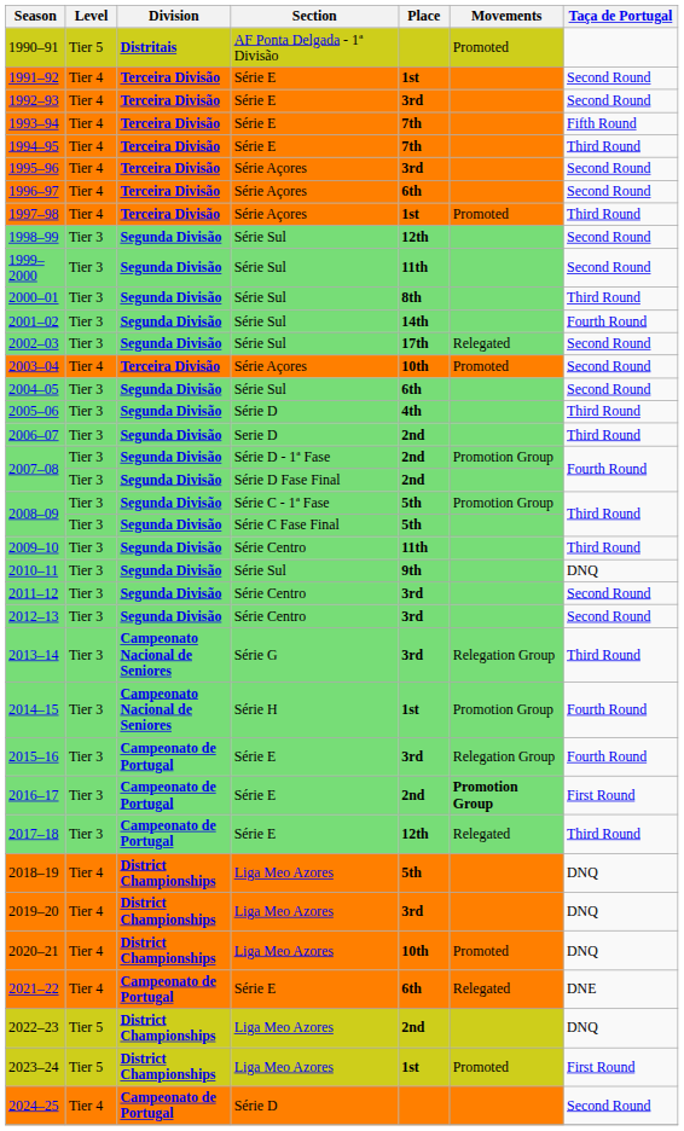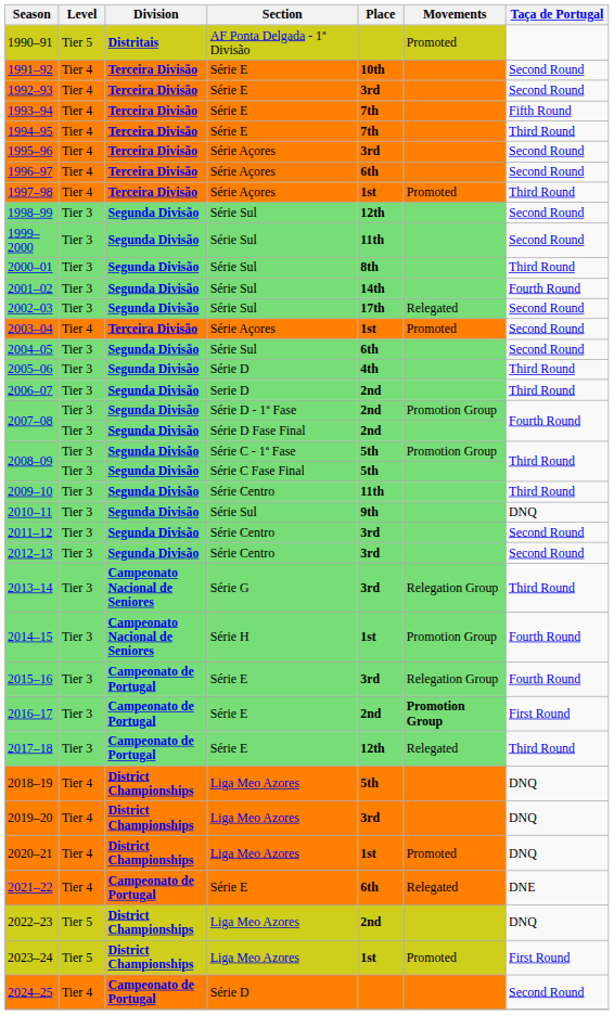 <table class="wikitable" style="text-align: left;">
 <tr>
 <th style="width: 60px;"><strong>Season</strong></th>
 <th style="width: 50px;"><strong>Level</strong></th>
 <th style="width: 120px;"><strong>Division</strong></th>
 <th style="width: 180px;"><strong>Section</strong></th>
 <th style="width: 50px;"><strong>Place</strong></th>
 <th style="width: 120px;"><strong>Movements</strong></th>
 <th style="width: 120px;"><strong><a href='#'>Taça de Portugal</a></strong></th>
 </tr>
 <tr>
 <td style="background:#CECE1B;">1990–91</td>
 <td style="background:#CECE1B;">Tier 5</td>
 <td style="background:#CECE1B;"><strong><a href='#'>Distritais</a></strong></td>
 <td style="background:#CECE1B;"><a href='#'>AF Ponta Delgada</a> - 1ª Divisão</td>
 <td style="background:#CECE1B;"></td>
 <td style="background:#CECE1B;">Promoted</td>
 <td></td>
 </tr>
 <tr>
 <td style="background:#FF7F00;"><a href='#'>1991–92</a></td>
 <td style="background:#FF7F00;">Tier 4</td>
 <td style="background:#FF7F00;"><strong><a href='#'>Terceira Divisão</a></strong></td>
 <td style="background:#FF7F00;">Série E</td>
-<td style="background:#FF7F00;"><strong>1st</strong></td>
+<td style="background:#FF7F00;"><strong>10th</strong></td>
 <td style="background:#FF7F00;"></td>
 <td><a href='#'>Second Round</a></td>
 </tr>
 <tr>
 <td style="background:#FF7F00;"><a href='#'>1992–93</a></td>
 <td style="background:#FF7F00;">Tier 4</td>
 <td style="background:#FF7F00;"><strong><a href='#'>Terceira Divisão</a></strong></td>
 <td style="background:#FF7F00;">Série E</td>
 <td style="background:#FF7F00;"><strong>3rd</strong></td>
 <td style="background:#FF7F00;"></td>
 <td><a href='#'>Second Round</a></td>
 </tr>
 <tr>
 <td style="background:#FF7F00;"><a href='#'>1993–94</a></td>
 <td style="background:#FF7F00;">Tier 4</td>
 <td style="background:#FF7F00;"><strong><a href='#'>Terceira Divisão</a></strong></td>
 <td style="background:#FF7F00;">Série E</td>
 <td style="background:#FF7F00;"><strong>7th</strong></td>
 <td style="background:#FF7F00;"></td>
 <td><a href='#'>Fifth Round</a></td>
 </tr>
 <tr>
 <td style="background:#FF7F00;"><a href='#'>1994–95</a></td>
 <td style="background:#FF7F00;">Tier 4</td>
 <td style="background:#FF7F00;"><strong><a href='#'>Terceira Divisão</a></strong></td>
 <td style="background:#FF7F00;">Série E</td>
 <td style="background:#FF7F00;"><strong>7th</strong></td>
 <td style="background:#FF7F00;"></td>
 <td><a href='#'>Third Round</a></td>
 </tr>
 <tr>
 <td style="background:#FF7F00;"><a href='#'>1995–96</a></td>
 <td style="background:#FF7F00;">Tier 4</td>
 <td style="background:#FF7F00;"><strong><a href='#'>Terceira Divisão</a></strong></td>
 <td style="background:#FF7F00;">Série Açores</td>
 <td style="background:#FF7F00;"><strong>3rd</strong></td>
 <td style="background:#FF7F00;"></td>
 <td><a href='#'>Second Round</a></td>
 </tr>
 <tr>
 <td style="background:#FF7F00;"><a href='#'>1996–97</a></td>
 <td style="background:#FF7F00;">Tier 4</td>
 <td style="background:#FF7F00;"><strong><a href='#'>Terceira Divisão</a></strong></td>
 <td style="background:#FF7F00;">Série Açores</td>
 <td style="background:#FF7F00;"><strong>6th</strong></td>
 <td style="background:#FF7F00;"></td>
 <td><a href='#'>Second Round</a></td>
 </tr>
 <tr>
 <td style="background:#FF7F00;"><a href='#'>1997–98</a></td>
 <td style="background:#FF7F00;">Tier 4</td>
 <td style="background:#FF7F00;"><strong><a href='#'>Terceira Divisão</a></strong></td>
 <td style="background:#FF7F00;">Série Açores</td>
 <td style="background:#FF7F00;"><strong>1st</strong></td>
 <td style="background:#FF7F00;">Promoted</td>
 <td><a href='#'>Third Round</a></td>
 </tr>
 <tr>
 <td style="background:#77DD77;"><a href='#'>1998–99</a></td>
 <td style="background:#77DD77;">Tier 3</td>
 <td style="background:#77DD77;"><strong><a href='#'>Segunda Divisão</a></strong></td>
 <td style="background:#77DD77;">Série Sul</td>
 <td style="background:#77DD77;"><strong>12th</strong></td>
 <td style="background:#77DD77;"></td>
 <td><a href='#'>Second Round</a></td>
 </tr>
 <tr>
 <td style="background:#77DD77;"><a href='#'>1999–2000</a></td>
 <td style="background:#77DD77;">Tier 3</td>
 <td style="background:#77DD77;"><strong><a href='#'>Segunda Divisão</a></strong></td>
 <td style="background:#77DD77;">Série Sul</td>
 <td style="background:#77DD77;"><strong>11th</strong></td>
 <td style="background:#77DD77;"></td>
 <td><a href='#'>Second Round</a></td>
 </tr>
 <tr>
 <td style="background:#77DD77;"><a href='#'>2000–01</a></td>
 <td style="background:#77DD77;">Tier 3</td>
 <td style="background:#77DD77;"><strong><a href='#'>Segunda Divisão</a></strong></td>
 <td style="background:#77DD77;">Série Sul</td>
 <td style="background:#77DD77;"><strong>8th</strong></td>
 <td style="background:#77DD77;"></td>
 <td><a href='#'>Third Round</a></td>
 </tr>
 <tr>
 <td style="background:#77DD77;"><a href='#'>2001–02</a></td>
 <td style="background:#77DD77;">Tier 3</td>
 <td style="background:#77DD77;"><strong><a href='#'>Segunda Divisão</a></strong></td>
 <td style="background:#77DD77;">Série Sul</td>
 <td style="background:#77DD77;"><strong>14th</strong></td>
 <td style="background:#77DD77;"></td>
 <td><a href='#'>Fourth Round</a></td>
 </tr>
 <tr>
 <td style="background:#77DD77;"><a href='#'>2002–03</a></td>
 <td style="background:#77DD77;">Tier 3</td>
 <td style="background:#77DD77;"><strong><a href='#'>Segunda Divisão</a></strong></td>
 <td style="background:#77DD77;">Série Sul</td>
 <td style="background:#77DD77;"><strong>17th</strong></td>
 <td style="background:#77DD77;">Relegated</td>
 <td><a href='#'>Second Round</a></td>
 </tr>
 <tr>
 <td style="background:#FF7F00;"><a href='#'>2003–04</a></td>
 <td style="background:#FF7F00;">Tier 4</td>
 <td style="background:#FF7F00;"><strong><a href='#'>Terceira Divisão</a></strong></td>
 <td style="background:#FF7F00;">Série Açores</td>
-<td style="background:#FF7F00;"><strong>10th</strong></td>
+<td style="background:#FF7F00;"><strong>1st</strong></td>
 <td style="background:#FF7F00;">Promoted</td>
 <td><a href='#'>Second Round</a></td>
 </tr>
 <tr>
 <td style="background:#77DD77;"><a href='#'>2004–05</a></td>
 <td style="background:#77DD77;">Tier 3</td>
 <td style="background:#77DD77;"><strong><a href='#'>Segunda Divisão</a></strong></td>
 <td style="background:#77DD77;">Série Sul</td>
 <td style="background:#77DD77;"><strong>6th</strong></td>
 <td style="background:#77DD77;"></td>
 <td><a href='#'>Second Round</a></td>
 </tr>
 <tr>
 <td style="background:#77DD77;"><a href='#'>2005–06</a></td>
 <td style="background:#77DD77;">Tier 3</td>
 <td style="background:#77DD77;"><strong><a href='#'>Segunda Divisão</a></strong></td>
 <td style="background:#77DD77;">Série D</td>
 <td style="background:#77DD77;"><strong>4th</strong></td>
 <td style="background:#77DD77;"></td>
 <td><a href='#'>Third Round</a></td>
 </tr>
 <tr>
 <td style="background:#77DD77;"><a href='#'>2006–07</a></td>
 <td style="background:#77DD77;">Tier 3</td>
 <td style="background:#77DD77;"><strong><a href='#'>Segunda Divisão</a></strong></td>
 <td style="background:#77DD77;">Serie D</td>
 <td style="background:#77DD77;"><strong>2nd</strong></td>
 <td style="background:#77DD77;"></td>
 <td><a href='#'>Third Round</a></td>
 </tr>
 <tr>
 <td rowspan="2" style="background:#77DD77;"><a href='#'>2007–08</a></td>
 <td style="background:#77DD77;">Tier 3</td>
 <td style="background:#77DD77;"><strong><a href='#'>Segunda Divisão</a></strong></td>
 <td style="background:#77DD77;">Série D - 1ª Fase</td>
 <td style="background:#77DD77;"><strong>2nd</strong></td>
 <td style="background:#77DD77;">Promotion Group</td>
 <td rowspan="2"><a href='#'>Fourth Round</a></td>
 </tr>
 <tr>
 <td style="background:#77DD77;">Tier 3</td>
 <td style="background:#77DD77;"><strong><a href='#'>Segunda Divisão</a></strong></td>
 <td style="background:#77DD77;">Série D Fase Final</td>
 <td style="background:#77DD77;"><strong>2nd</strong></td>
 <td style="background:#77DD77;"></td>
 </tr>
 <tr>
 <td rowspan="2" style="background:#77DD77;"><a href='#'>2008–09</a></td>
 <td style="background:#77DD77;">Tier 3</td>
 <td style="background:#77DD77;"><strong><a href='#'>Segunda Divisão</a></strong></td>
 <td style="background:#77DD77;">Série C - 1ª Fase</td>
 <td style="background:#77DD77;"><strong>5th</strong></td>
 <td style="background:#77DD77;">Promotion Group</td>
 <td rowspan="2"><a href='#'>Third Round</a></td>
 </tr>
 <tr>
 <td style="background:#77DD77;">Tier 3</td>
 <td style="background:#77DD77;"><strong><a href='#'>Segunda Divisão</a></strong></td>
 <td style="background:#77DD77;">Série C Fase Final</td>
 <td style="background:#77DD77;"><strong>5th</strong></td>
 <td style="background:#77DD77;"></td>
 </tr>
 <tr>
 <td style="background:#77DD77;"><a href='#'>2009–10</a></td>
 <td style="background:#77DD77;">Tier 3</td>
 <td style="background:#77DD77;"><strong><a href='#'>Segunda Divisão</a></strong></td>
 <td style="background:#77DD77;">Série Centro</td>
 <td style="background:#77DD77;"><strong>11th</strong></td>
 <td style="background:#77DD77;"></td>
 <td><a href='#'>Third Round</a></td>
 </tr>
 <tr>
 <td style="background:#77DD77;"><a href='#'>2010–11</a></td>
 <td style="background:#77DD77;">Tier 3</td>
 <td style="background:#77DD77;"><strong><a href='#'>Segunda Divisão</a></strong></td>
 <td style="background:#77DD77;">Série Sul</td>
 <td style="background:#77DD77;"><strong>9th</strong></td>
 <td style="background:#77DD77;"></td>
 <td>DNQ</td>
 </tr>
 <tr>
 <td style="background:#77DD77;"><a href='#'>2011–12</a></td>
 <td style="background:#77DD77;">Tier 3</td>
 <td style="background:#77DD77;"><strong><a href='#'>Segunda Divisão</a></strong></td>
 <td style="background:#77DD77;">Série Centro</td>
 <td style="background:#77DD77;"><strong>3rd</strong></td>
 <td style="background:#77DD77;"></td>
 <td><a href='#'>Second Round</a></td>
 </tr>
 <tr>
 <td style="background:#77DD77;"><a href='#'>2012–13</a></td>
 <td style="background:#77DD77;">Tier 3</td>
 <td style="background:#77DD77;"><strong><a href='#'>Segunda Divisão</a></strong></td>
 <td style="background:#77DD77;">Série Centro</td>
 <td style="background:#77DD77;"><strong>3rd</strong></td>
 <td style="background:#77DD77;"></td>
 <td><a href='#'>Second Round</a></td>
 </tr>
 <tr>
 <td style="background:#77DD77;"><a href='#'>2013–14</a></td>
 <td style="background:#77DD77;">Tier 3</td>
 <td style="background:#77DD77;"><strong><a href='#'> Campeonato Nacional de Seniores</a></strong></td>
 <td style="background:#77DD77;">Série G</td>
 <td style="background:#77DD77;"><strong>3rd</strong></td>
 <td style="background:#77DD77;">Relegation Group</td>
 <td><a href='#'>Third Round</a></td>
 </tr>
 <tr>
 <td style="background:#77DD77;"><a href='#'>2014–15</a></td>
 <td style="background:#77DD77;">Tier 3</td>
 <td style="background:#77DD77;"><strong><a href='#'> Campeonato Nacional de Seniores</a></strong></td>
 <td style="background:#77DD77;">Série H</td>
 <td style="background:#77DD77;"><strong>1st</strong></td>
 <td style="background:#77DD77;">Promotion Group</td>
 <td><a href='#'>Fourth Round</a></td>
 </tr>
 <tr>
 <td style="background:#77DD77;"><a href='#'>2015–16</a></td>
 <td style="background:#77DD77;">Tier 3</td>
 <td style="background:#77DD77;"><strong><a href='#'> Campeonato de Portugal</a></strong></td>
 <td style="background:#77DD77;">Série E</td>
 <td style="background:#77DD77;"><strong>3rd</strong></td>
 <td style="background:#77DD77;">Relegation Group</td>
 <td><a href='#'>Fourth Round</a></td>
 </tr>
 <tr>
 <td style="background:#77DD77;"><a href='#'>2016–17</a></td>
 <td style="background:#77DD77;">Tier 3</td>
 <td style="background:#77DD77;"><strong><a href='#'> Campeonato de Portugal</a></strong></td>
 <td style="background:#77DD77;">Série E</td>
 <td style="background:#77DD77;"><strong>2nd</strong></td>
 <td style="background:#77DD77;"><strong>Promotion Group</strong></td>
 <td><a href='#'>First Round</a></td>
 </tr>
 <tr>
 <td style="background:#77DD77;"><a href='#'>2017–18</a></td>
 <td style="background:#77DD77;">Tier 3</td>
 <td style="background:#77DD77;"><strong><a href='#'>Campeonato de Portugal</a></strong></td>
 <td style="background:#77DD77;">Série E</td>
 <td style="background:#77DD77;"><strong>12th</strong></td>
 <td style="background:#77DD77;">Relegated</td>
 <td><a href='#'>Third Round</a></td>
 </tr>
 <tr>
 <td style="background:#FF7F00;">2018–19</td>
 <td style="background:#FF7F00;">Tier 4</td>
 <td style="background:#FF7F00;"><strong><a href='#'>District Championships</a></strong></td>
 <td style="background:#FF7F00;"><a href='#'>Liga Meo Azores</a></td>
 <td style="background:#FF7F00;"><strong>5th</strong></td>
 <td style="background:#FF7F00;"></td>
 <td>DNQ</td>
 </tr>
 <tr>
 <td style="background:#FF7F00;">2019–20</td>
 <td style="background:#FF7F00;">Tier 4</td>
 <td style="background:#FF7F00;"><strong><a href='#'>District Championships</a></strong></td>
 <td style="background:#FF7F00;"><a href='#'>Liga Meo Azores</a></td>
 <td style="background:#FF7F00;"><strong>3rd</strong></td>
 <td style="background:#FF7F00;"></td>
 <td>DNQ</td>
 </tr>
 <tr>
 <td style="background:#FF7F00;">2020–21</td>
 <td style="background:#FF7F00;">Tier 4</td>
 <td style="background:#FF7F00;"><strong><a href='#'>District Championships</a></strong></td>
 <td style="background:#FF7F00;"><a href='#'>Liga Meo Azores</a></td>
-<td style="background:#FF7F00;"><strong>10th</strong></td>
+<td style="background:#FF7F00;"><strong>1st</strong></td>
 <td style="background:#FF7F00;">Promoted</td>
 <td>DNQ</td>
 </tr>
 <tr>
 <td style="background:#FF7F00;"><a href='#'>2021–22</a></td>
 <td style="background:#FF7F00;">Tier 4</td>
 <td style="background:#FF7F00;"><strong><a href='#'> Campeonato de Portugal</a></strong></td>
 <td style="background:#FF7F00;">Série E</td>
 <td style="background:#FF7F00;"><strong>6th</strong></td>
 <td style="background:#FF7F00;">Relegated</td>
 <td>DNE</td>
 </tr>
 <tr>
 <td style="background:#CECE1B;">2022–23</td>
 <td style="background:#CECE1B;">Tier 5</td>
 <td style="background:#CECE1B;"><strong><a href='#'>District Championships</a></strong></td>
 <td style="background:#CECE1B;"><a href='#'>Liga Meo Azores</a></td>
 <td style="background:#CECE1B;"><strong>2nd</strong></td>
 <td style="background:#CECE1B;"></td>
 <td>DNQ</td>
 </tr>
 <tr>
 <td style="background:#CECE1B;">2023–24</td>
 <td style="background:#CECE1B;">Tier 5</td>
 <td style="background:#CECE1B;"><strong><a href='#'>District Championships</a></strong></td>
 <td style="background:#CECE1B;"><a href='#'>Liga Meo Azores</a></td>
 <td style="background:#CECE1B;"><strong>1st</strong></td>
 <td style="background:#CECE1B;">Promoted</td>
 <td><a href='#'>First Round</a></td>
 </tr>
 <tr>
 <td style="background:#FF7F00;"><a href='#'>2024–25</a></td>
 <td style="background:#FF7F00;">Tier 4</td>
 <td style="background:#FF7F00;"><strong><a href='#'> Campeonato de Portugal</a></strong></td>
 <td style="background:#FF7F00;">Série D</td>
 <td style="background:#FF7F00;"></td>
 <td style="background:#FF7F00;"></td>
 <td><a href='#'>Second Round</a></td>
 </tr>
 <tr>
 </tr>
 </table>
